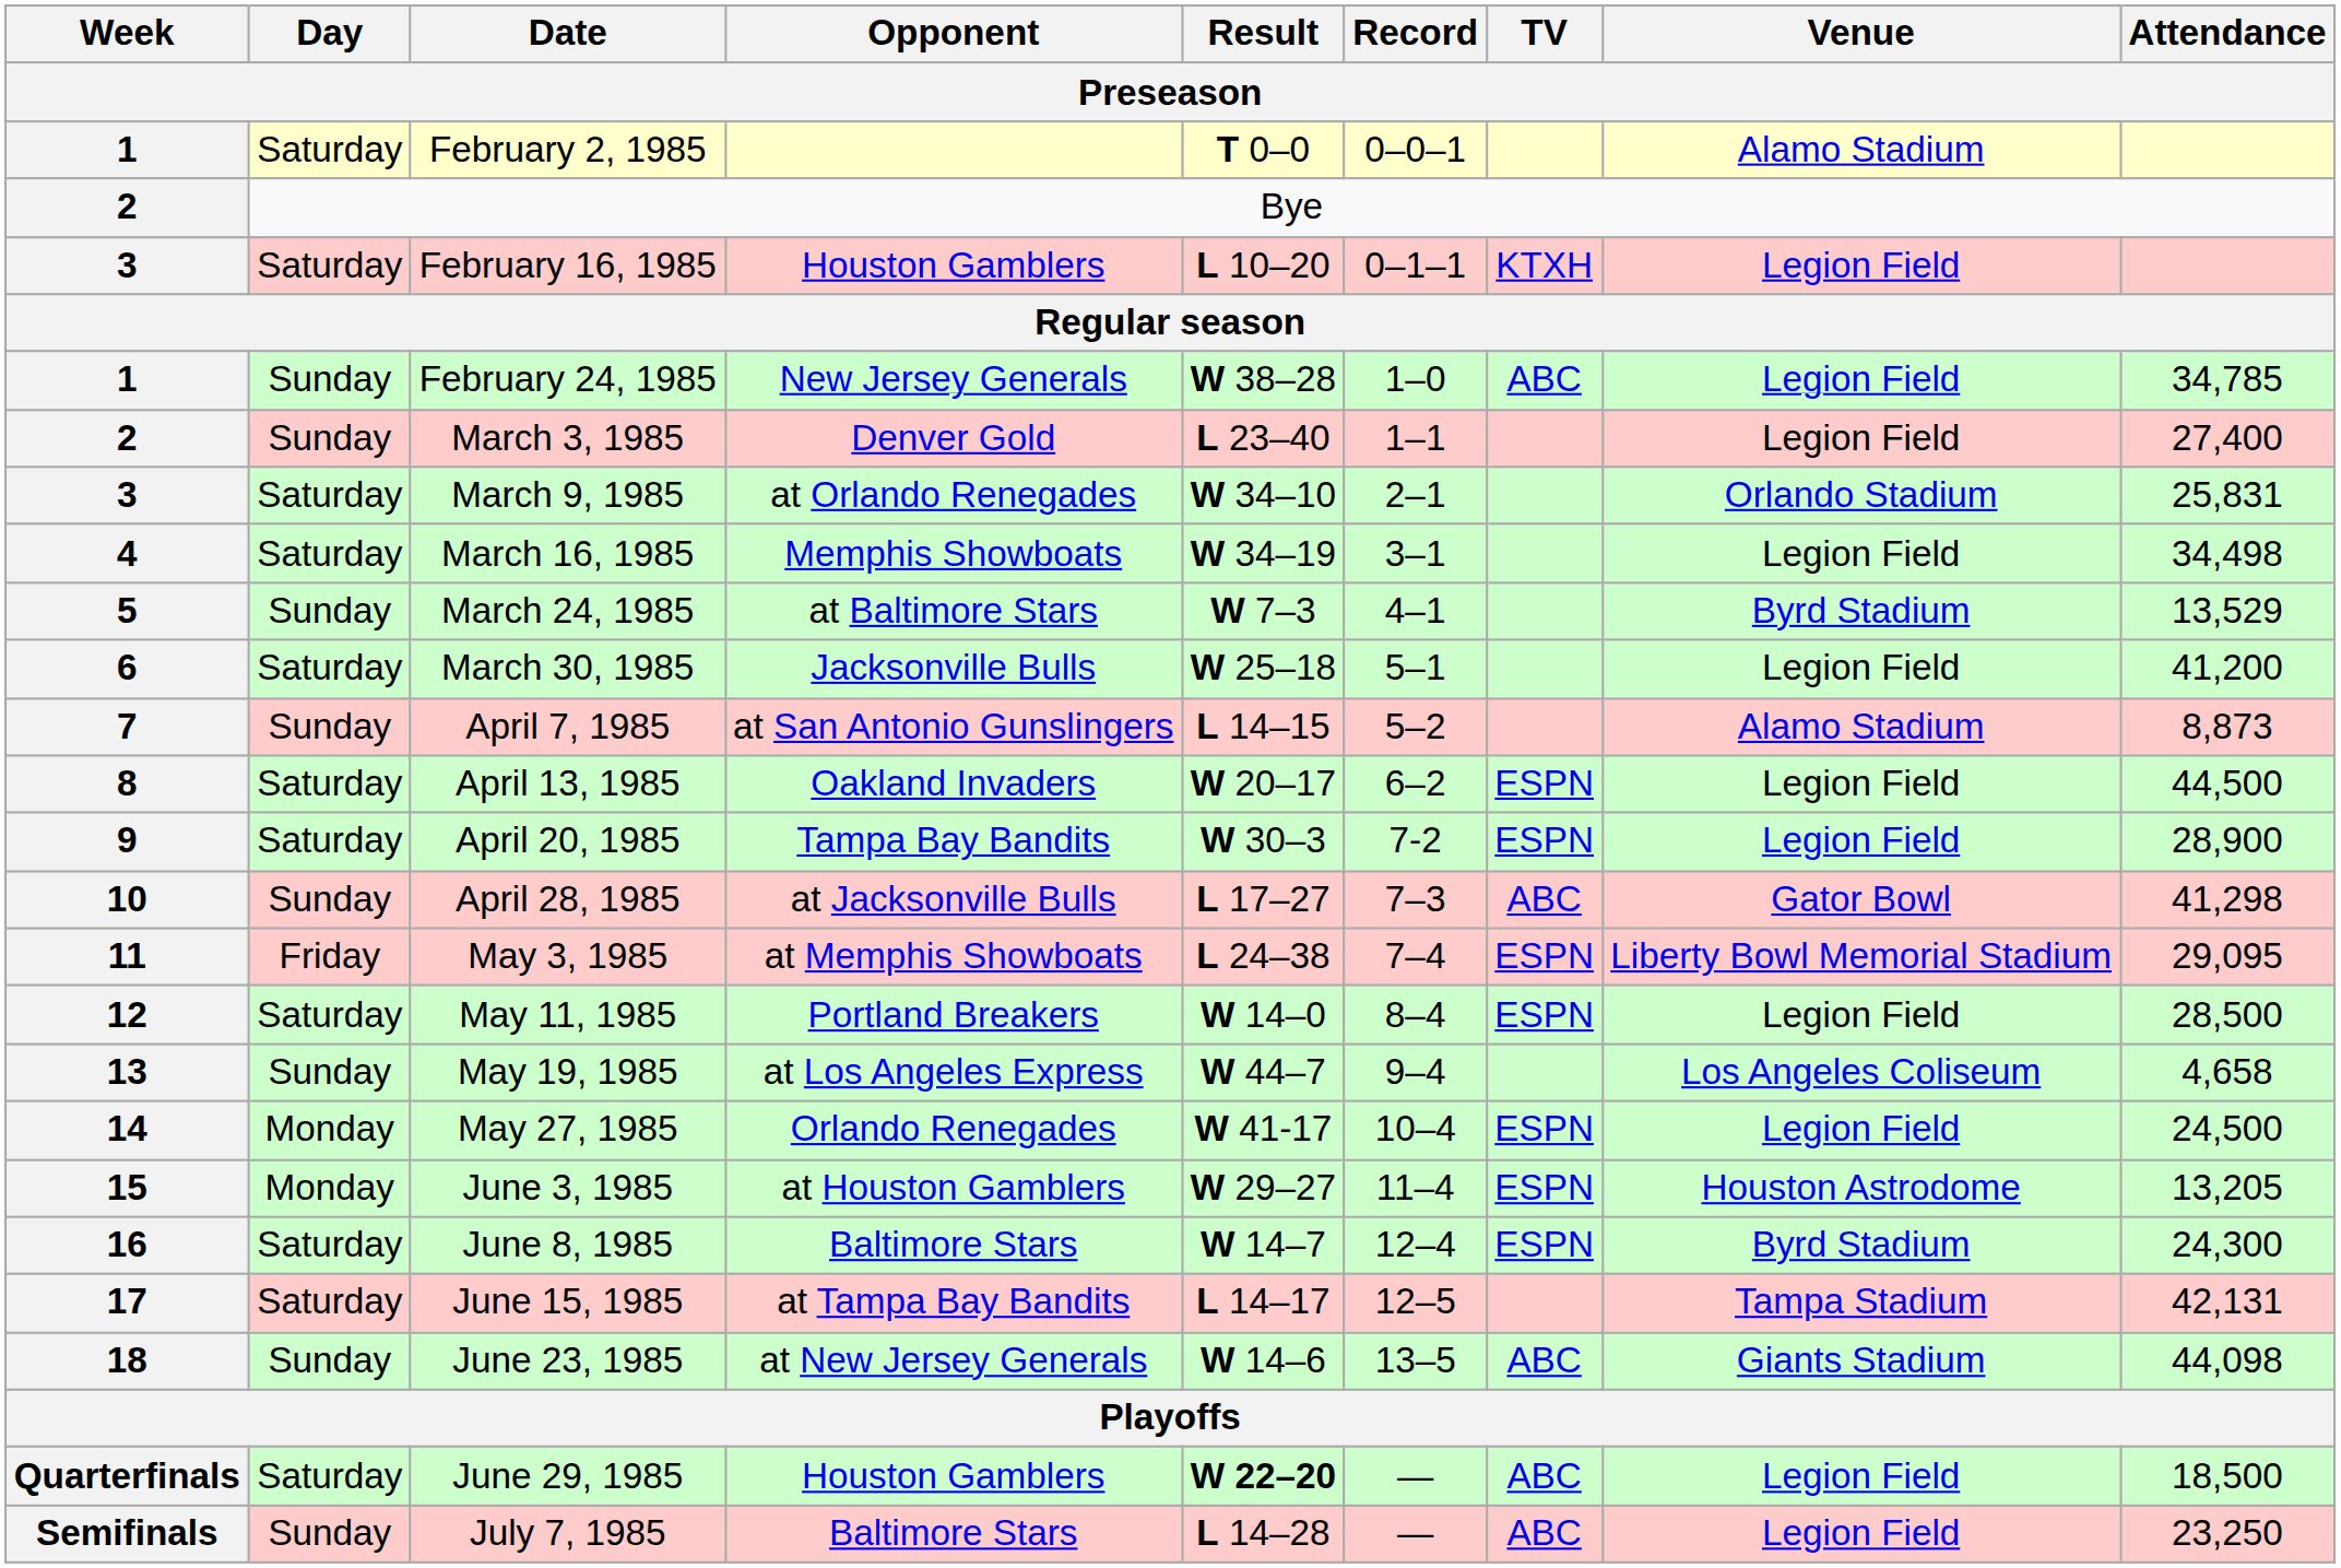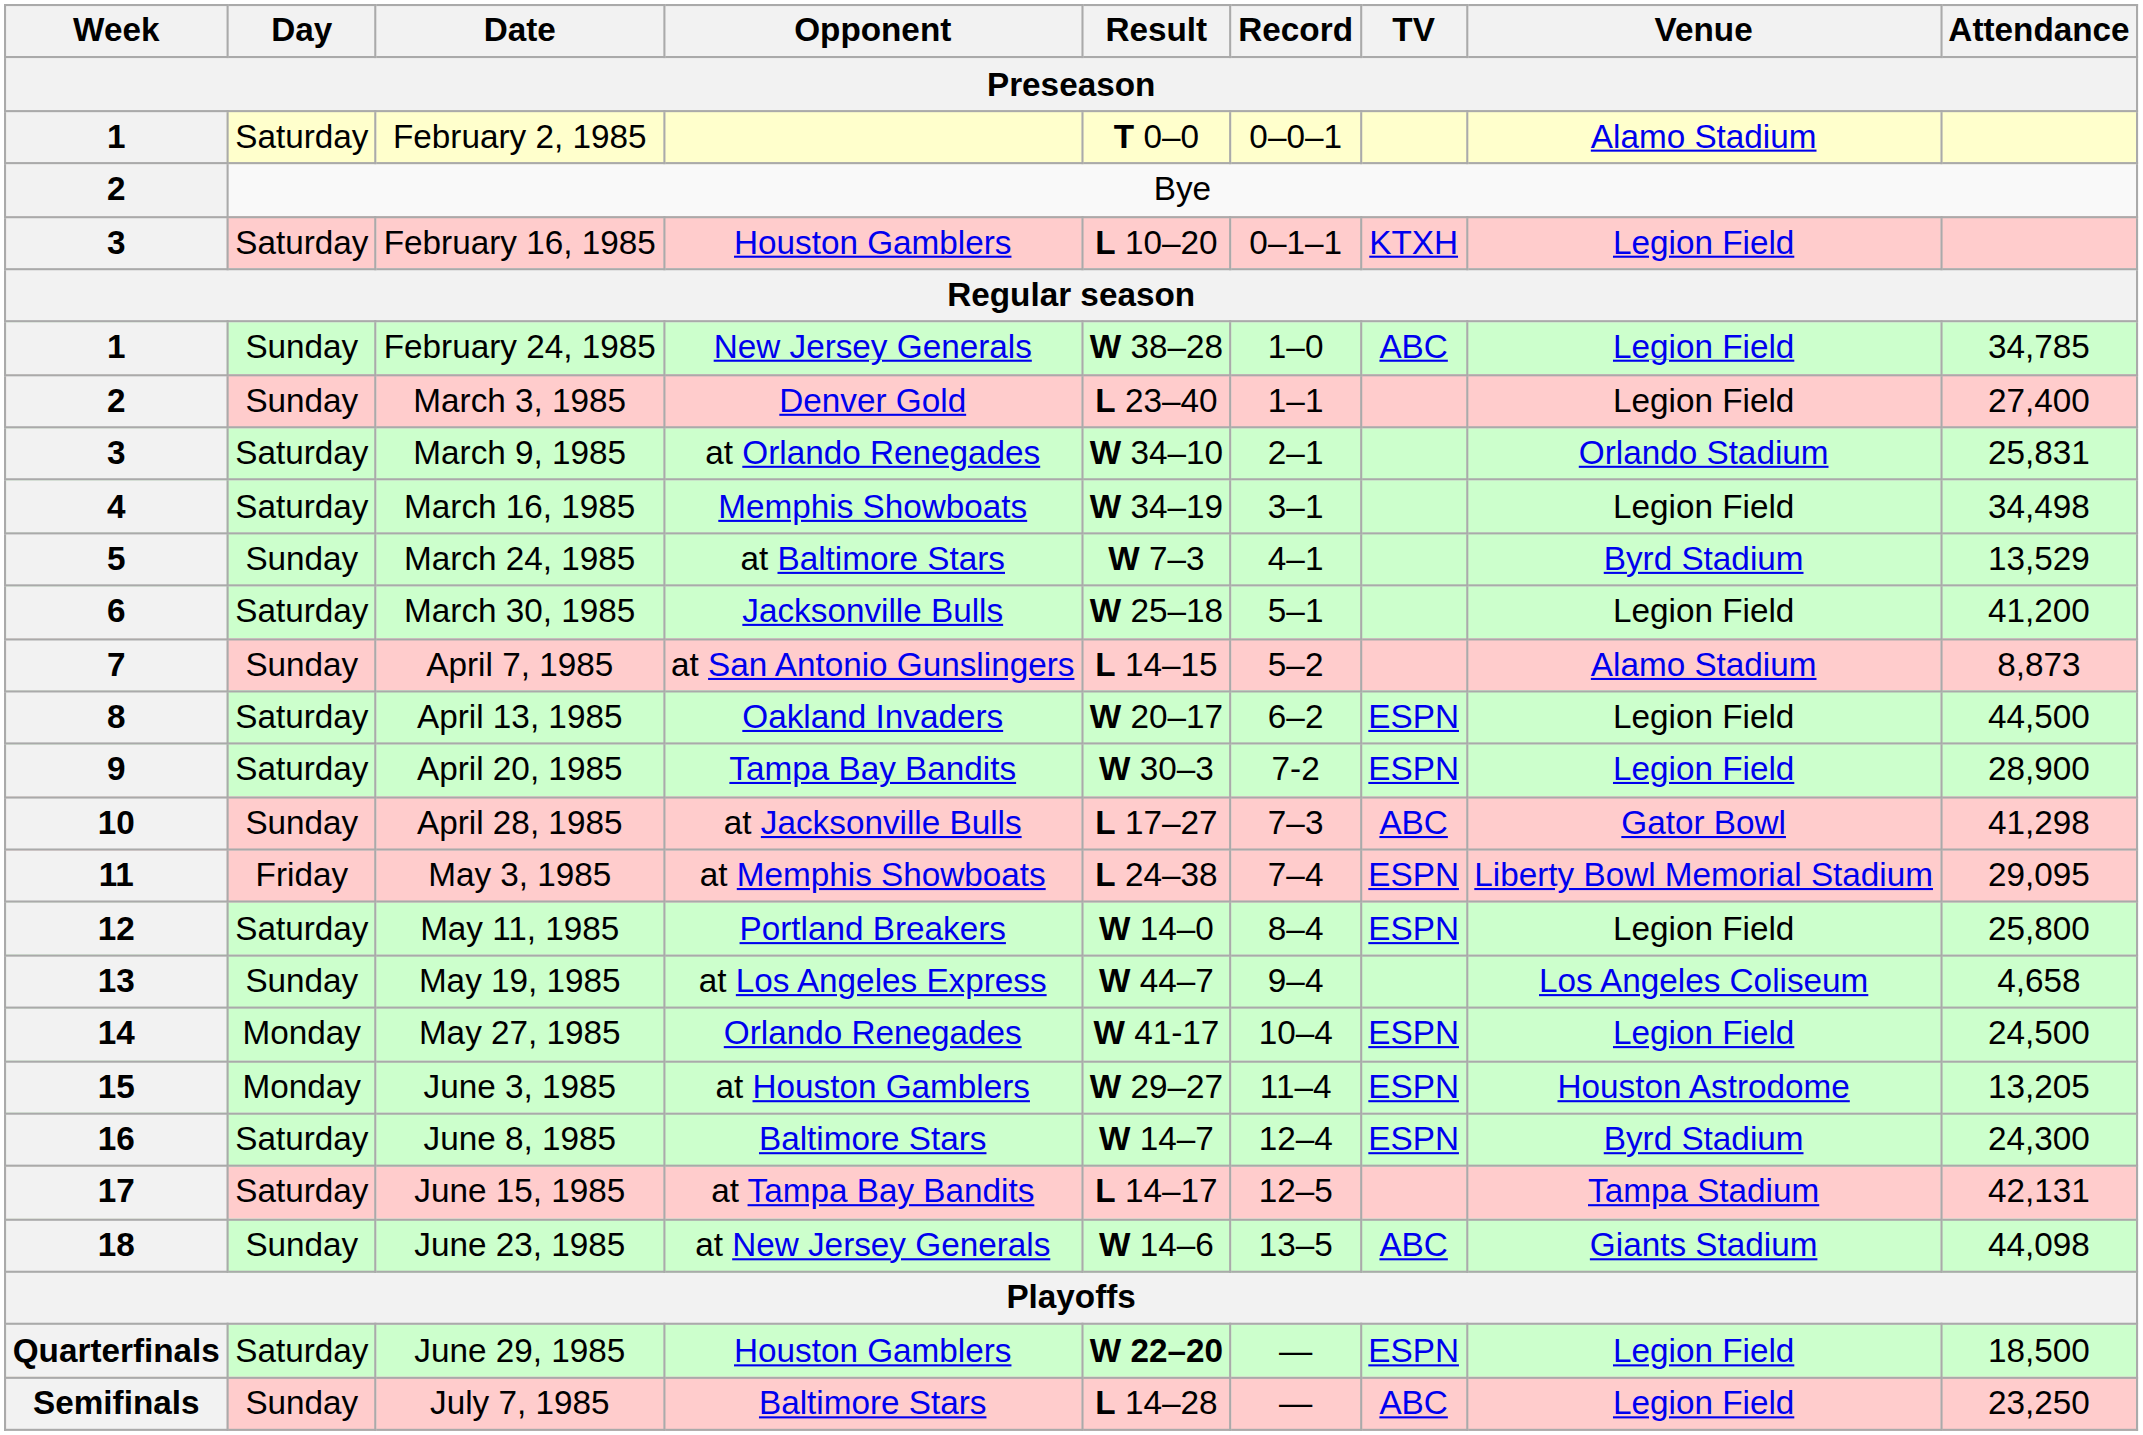 <table class="wikitable" style="text-align:center">
 <tr>
 <th>Week</th>
 <th>Day</th>
 <th>Date</th>
 <th>Opponent</th>
 <th>Result</th>
 <th>Record</th>
 <th>TV</th>
 <th>Venue</th>
 <th>Attendance</th>
 </tr>
 <tr>
 <th colspan="9">Preseason</th>
 </tr>
 <tr style="background:#ffc">
 <th>1</th>
 <td>Saturday</td>
 <td>February 2, 1985</td>
 <td></td>
 <td><strong>T</strong> 0–0</td>
 <td>0–0–1</td>
 <td></td>
 <td><a href='#'>Alamo Stadium</a></td>
 <td></td>
 </tr>
 <tr>
 <th>2</th>
 <td colspan=8>Bye</td>
 </tr>
 <tr style="background:#fcc">
 <th>3</th>
 <td>Saturday</td>
 <td>February 16, 1985</td>
 <td><a href='#'>Houston Gamblers</a></td>
 <td><strong>L</strong> 10–20</td>
 <td>0–1–1</td>
 <td><a href='#'>KTXH</a></td>
 <td><a href='#'>Legion Field</a></td>
 <td></td>
 </tr>
 <tr>
 <th colspan="9">Regular season</th>
 </tr>
 <tr style="background:#cfc">
 <th>1</th>
 <td>Sunday</td>
 <td>February 24, 1985</td>
 <td><a href='#'>New Jersey Generals</a></td>
 <td><strong>W</strong> 38–28</td>
 <td>1–0</td>
 <td><a href='#'>ABC</a></td>
 <td><a href='#'>Legion Field</a></td>
 <td>34,785</td>
 </tr>
 <tr style="background:#fcc">
 <th>2</th>
 <td>Sunday</td>
 <td>March 3, 1985</td>
 <td><a href='#'>Denver Gold</a></td>
 <td><strong>L</strong> 23–40</td>
 <td>1–1</td>
 <td></td>
 <td>Legion Field</td>
 <td>27,400</td>
 </tr>
 <tr style="background:#cfc">
 <th>3</th>
 <td>Saturday</td>
 <td>March 9, 1985</td>
 <td>at <a href='#'>Orlando Renegades</a></td>
 <td><strong>W</strong> 34–10</td>
 <td>2–1</td>
 <td></td>
 <td><a href='#'>Orlando Stadium</a></td>
 <td>25,831</td>
 </tr>
 <tr style="background:#cfc">
 <th>4</th>
 <td>Saturday</td>
 <td>March 16, 1985</td>
 <td><a href='#'>Memphis Showboats</a></td>
 <td><strong>W</strong> 34–19</td>
 <td>3–1</td>
 <td></td>
 <td>Legion Field</td>
 <td>34,498</td>
 </tr>
 <tr style="background:#cfc">
 <th>5</th>
 <td>Sunday</td>
 <td>March 24, 1985</td>
 <td>at <a href='#'>Baltimore Stars</a></td>
 <td><strong>W</strong> 7–3</td>
 <td>4–1</td>
 <td></td>
 <td><a href='#'>Byrd Stadium</a></td>
 <td>13,529</td>
 </tr>
 <tr style="background:#cfc">
 <th>6</th>
 <td>Saturday</td>
 <td>March 30, 1985</td>
 <td><a href='#'>Jacksonville Bulls</a></td>
 <td><strong>W</strong> 25–18</td>
 <td>5–1</td>
 <td></td>
 <td>Legion Field</td>
 <td>41,200</td>
 </tr>
 <tr style="background:#fcc">
 <th>7</th>
 <td>Sunday</td>
 <td>April 7, 1985</td>
 <td>at <a href='#'>San Antonio Gunslingers</a></td>
 <td><strong>L</strong> 14–15</td>
 <td>5–2</td>
 <td></td>
 <td><a href='#'>Alamo Stadium</a></td>
 <td>8,873</td>
 </tr>
 <tr style="background:#cfc">
 <th>8</th>
 <td>Saturday</td>
 <td>April 13, 1985</td>
 <td><a href='#'>Oakland Invaders</a></td>
 <td><strong>W</strong> 20–17</td>
 <td>6–2</td>
 <td><a href='#'>ESPN</a></td>
 <td>Legion Field</td>
 <td>44,500</td>
 </tr>
 <tr style="background:#cfc">
 <th>9</th>
 <td>Saturday</td>
 <td>April 20, 1985</td>
 <td><a href='#'>Tampa Bay Bandits</a></td>
 <td><strong>W</strong> 30–3</td>
 <td>7-2</td>
 <td><a href='#'>ESPN</a></td>
 <td><a href='#'>Legion Field</a></td>
 <td>28,900</td>
 </tr>
 <tr style="background:#fcc">
 <th>10</th>
 <td>Sunday</td>
 <td>April 28, 1985</td>
 <td>at <a href='#'>Jacksonville Bulls</a></td>
 <td><strong>L</strong> 17–27</td>
 <td>7–3</td>
 <td><a href='#'>ABC</a></td>
 <td><a href='#'>Gator Bowl</a></td>
 <td>41,298</td>
 </tr>
 <tr style="background:#fcc">
 <th>11</th>
 <td>Friday</td>
 <td>May 3, 1985</td>
 <td>at <a href='#'>Memphis Showboats</a></td>
 <td><strong>L</strong> 24–38</td>
 <td>7–4</td>
 <td><a href='#'>ESPN</a></td>
 <td><a href='#'>Liberty Bowl Memorial Stadium</a></td>
 <td>29,095</td>
 </tr>
 <tr style="background:#cfc">
 <th>12</th>
 <td>Saturday</td>
 <td>May 11, 1985</td>
 <td><a href='#'>Portland Breakers</a></td>
 <td><strong>W</strong> 14–0</td>
 <td>8–4</td>
 <td><a href='#'>ESPN</a></td>
 <td>Legion Field</td>
-<td>28,500</td>
+<td>25,800</td>
 </tr>
 <tr style="background:#cfc">
 <th>13</th>
 <td>Sunday</td>
 <td>May 19, 1985</td>
 <td>at <a href='#'>Los Angeles Express</a></td>
 <td><strong>W</strong> 44–7</td>
 <td>9–4</td>
 <td></td>
 <td><a href='#'>Los Angeles Coliseum</a></td>
 <td>4,658</td>
 </tr>
 <tr style="background:#cfc">
 <th>14</th>
 <td>Monday</td>
 <td>May 27, 1985</td>
 <td><a href='#'>Orlando Renegades</a></td>
 <td><strong>W</strong> 41-17</td>
 <td>10–4</td>
 <td><a href='#'>ESPN</a></td>
 <td><a href='#'>Legion Field</a></td>
 <td>24,500</td>
 </tr>
 <tr style="background:#cfc">
 <th>15</th>
 <td>Monday</td>
 <td>June 3, 1985</td>
 <td>at <a href='#'>Houston Gamblers</a></td>
 <td><strong>W</strong> 29–27</td>
 <td>11–4</td>
 <td><a href='#'>ESPN</a></td>
 <td><a href='#'>Houston Astrodome</a></td>
 <td>13,205</td>
 </tr>
 <tr style="background:#cfc">
 <th>16</th>
 <td>Saturday</td>
 <td>June 8, 1985</td>
 <td><a href='#'>Baltimore Stars</a></td>
 <td><strong>W</strong> 14–7</td>
 <td>12–4</td>
 <td><a href='#'>ESPN</a></td>
 <td><a href='#'>Byrd Stadium</a></td>
 <td>24,300</td>
 </tr>
 <tr style="background:#fcc">
 <th>17</th>
 <td>Saturday</td>
 <td>June 15, 1985</td>
 <td>at <a href='#'>Tampa Bay Bandits</a></td>
 <td><strong>L</strong> 14–17</td>
 <td>12–5</td>
 <td></td>
 <td><a href='#'>Tampa Stadium</a></td>
 <td>42,131</td>
 </tr>
 <tr style="background:#cfc">
 <th>18</th>
 <td>Sunday</td>
 <td>June 23, 1985</td>
 <td>at <a href='#'>New Jersey Generals</a></td>
 <td><strong>W</strong> 14–6</td>
 <td>13–5</td>
 <td><a href='#'>ABC</a></td>
 <td><a href='#'>Giants Stadium</a></td>
 <td>44,098</td>
 </tr>
 <tr>
 <th colspan="9">Playoffs</th>
 </tr>
 <tr style="background:#cfc">
 <th>Quarterfinals</th>
 <td>Saturday</td>
 <td>June 29, 1985</td>
 <td><a href='#'>Houston Gamblers</a></td>
 <td><strong>W 22–20</strong></td>
 <td>—</td>
-<td><a href='#'>ABC</a></td>
+<td><a href='#'>ESPN</a></td>
 <td><a href='#'>Legion Field</a></td>
 <td>18,500</td>
 </tr>
 <tr style="background:#fcc">
 <th>Semifinals</th>
 <td>Sunday</td>
 <td>July 7, 1985</td>
 <td><a href='#'>Baltimore Stars</a></td>
 <td><strong>L</strong> 14–28</td>
 <td>—</td>
 <td><a href='#'>ABC</a></td>
 <td><a href='#'>Legion Field</a></td>
 <td>23,250</td>
 </tr>
 </table>
